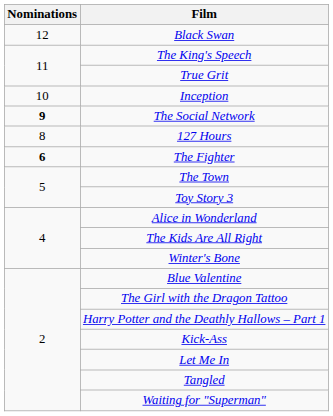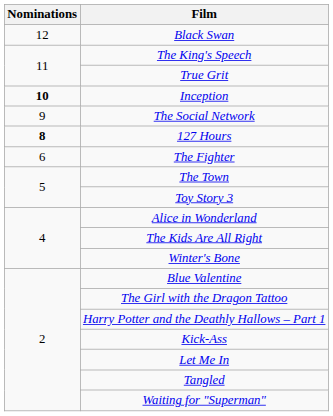 <table class="wikitable" rowspan="2" style="text-align:center;" background: #f6e39c;>
 <tr>
 <th scope="col" style="width:55px;">Nominations</th>
 <th scope="col" style="text-align:center;">Film</th>
 </tr>
 <tr>
 <td>12</td>
 <td><em><a href='#'>Black Swan</a></em></td>
 </tr>
 <tr>
 <td rowspan="2">11</td>
 <td><em><a href='#'>The King's Speech</a></em></td>
 </tr>
 <tr>
 <td><em><a href='#'>True Grit</a></em></td>
 </tr>
 <tr>
-<td>10</td>
+<td><strong>10</strong></td>
 <td><em><a href='#'>Inception</a></em></td>
 </tr>
 <tr>
-<td><strong>9</strong></td>
+<td>9</td>
 <td><em><a href='#'>The Social Network</a></em></td>
 </tr>
 <tr>
-<td>8</td>
+<td><strong>8</strong></td>
 <td><em><a href='#'>127 Hours</a></em></td>
 </tr>
 <tr>
-<td><strong>6</strong></td>
+<td>6</td>
 <td><em><a href='#'>The Fighter</a></em></td>
 </tr>
 <tr>
 <td rowspan="2">5</td>
 <td><em><a href='#'>The Town</a></em></td>
 </tr>
 <tr>
 <td><em><a href='#'>Toy Story 3</a></em></td>
 </tr>
 <tr>
 <td rowspan="3">4</td>
 <td><em><a href='#'>Alice in Wonderland</a></em></td>
 </tr>
 <tr>
 <td><em><a href='#'>The Kids Are All Right</a></em></td>
 </tr>
 <tr>
 <td><em><a href='#'>Winter's Bone</a></em></td>
 </tr>
 <tr>
 <td rowspan="7">2</td>
 <td><em><a href='#'>Blue Valentine</a></em></td>
 </tr>
 <tr>
 <td><em><a href='#'>The Girl with the Dragon Tattoo</a></em></td>
 </tr>
 <tr>
 <td><em><a href='#'>Harry Potter and the Deathly Hallows – Part 1</a></em></td>
 </tr>
 <tr>
 <td><em><a href='#'>Kick-Ass</a></em></td>
 </tr>
 <tr>
 <td><em><a href='#'>Let Me In</a></em></td>
 </tr>
 <tr>
 <td><em><a href='#'>Tangled</a></em></td>
 </tr>
 <tr>
 <td><em><a href='#'>Waiting for "Superman"</a></em></td>
 </tr>
 </table>
